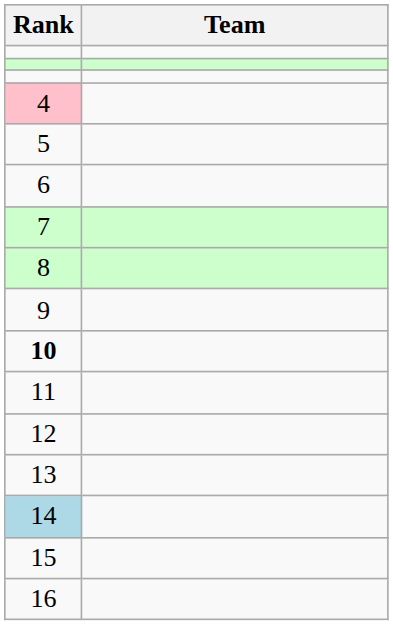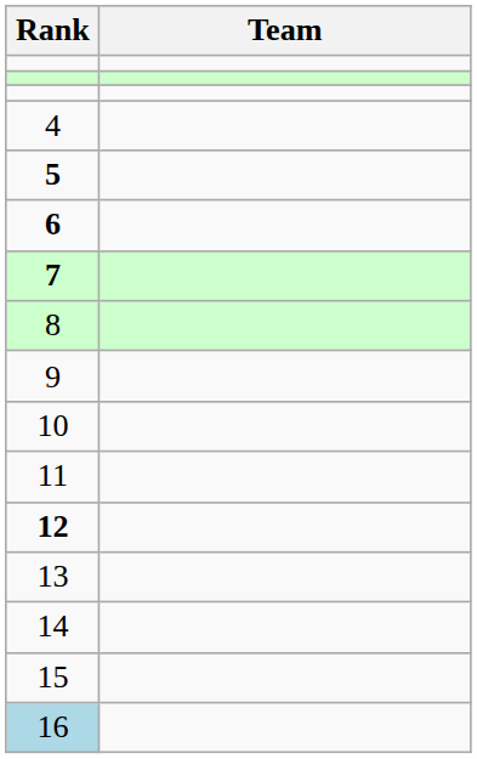 <table class="wikitable" style="text-align: center;">
 <tr>
 <th width=40>Rank</th>
 <th width=180>Team</th>
 </tr>
 <tr>
 <td></td>
 <td align=left></td>
 </tr>
 <tr bgcolor=#ccffcc>
 <td></td>
 <td align=left></td>
 </tr>
 <tr>
 <td></td>
 <td align=left></td>
 </tr>
 <tr>
-<td style="background: pink;">4</td>
+<td>4</td>
 <td align=left></td>
 </tr>
 <tr>
-<td>5</td>
+<td><strong>5</strong></td>
 <td align=left></td>
 </tr>
 <tr>
-<td>6</td>
+<td><strong>6</strong></td>
 <td align=left></td>
 </tr>
 <tr bgcolor=#ccffcc>
-<td>7</td>
+<td><strong>7</strong></td>
 <td align=left></td>
 </tr>
 <tr bgcolor=#ccffcc>
 <td>8</td>
 <td align=left></td>
 </tr>
 <tr>
 <td>9</td>
 <td align=left></td>
 </tr>
 <tr>
-<td><strong>10</strong></td>
+<td>10</td>
 <td align=left></td>
 </tr>
 <tr>
 <td>11</td>
 <td align=left></td>
 </tr>
 <tr>
-<td>12</td>
+<td><strong>12</strong></td>
 <td align=left></td>
 </tr>
 <tr>
 <td>13</td>
 <td align=left></td>
 </tr>
 <tr>
-<td style="background: lightblue;">14</td>
+<td>14</td>
 <td align=left></td>
 </tr>
 <tr>
 <td>15</td>
 <td align=left></td>
 </tr>
 <tr>
-<td>16</td>
+<td style="background: lightblue;">16</td>
 <td align=left></td>
 </tr>
 </table>
